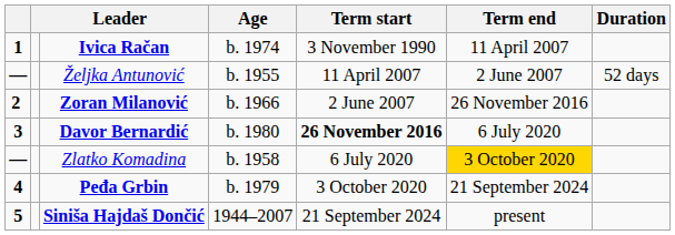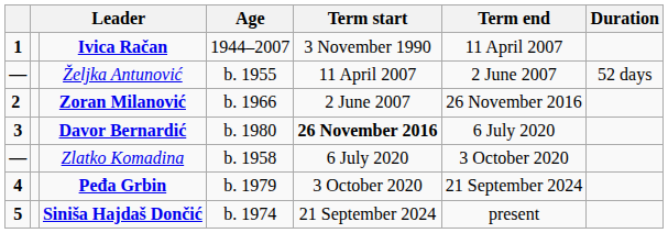 <table class="wikitable"  style="text-align:center;">
 <tr>
 <th></th>
 <th colspan="2">Leader</th>
 <th>Age</th>
 <th>Term start</th>
 <th>Term end</th>
 <th>Duration</th>
 </tr>
 <tr>
 <td style="background:"><strong>1</strong></td>
 <td></td>
 <td><strong><a href='#'>Ivica Račan</a></strong></td>
-<td>b. 1974</td>
+<td>1944–2007</td>
 <td>3 November 1990</td>
 <td>11 April 2007</td>
 <td></td>
 </tr>
 <tr>
 <td style="background:"><strong>—</strong></td>
 <td></td>
 <td><em><a href='#'>Željka Antunović</a></em><br></td>
 <td>b. 1955</td>
 <td>11 April 2007</td>
 <td>2 June 2007</td>
 <td>52 days</td>
 </tr>
 <tr>
 <td style="background:"><strong>2</strong> </td>
 <td></td>
 <td><strong><a href='#'>Zoran Milanović</a></strong></td>
 <td>b. 1966</td>
 <td>2 June 2007</td>
 <td>26 November 2016</td>
 <td></td>
 </tr>
 <tr>
 <td style="background:"><strong>3</strong></td>
 <td></td>
 <td><strong><a href='#'>Davor Bernardić</a></strong></td>
 <td>b. 1980</td>
 <td><strong>26 November 2016</strong></td>
 <td>6 July 2020</td>
 <td></td>
 </tr>
 <tr>
 <td style="background:"><strong>—</strong></td>
 <td></td>
 <td><em><a href='#'>Zlatko Komadina</a></em><br></td>
 <td>b. 1958</td>
 <td>6 July 2020</td>
-<td style="background: gold;">3 October 2020</td>
+<td>3 October 2020</td>
 <td></td>
 </tr>
 <tr>
 <td style="background:"><strong>4</strong></td>
 <td></td>
 <td><strong><a href='#'>Peđa Grbin</a></strong></td>
 <td>b. 1979</td>
 <td>3 October 2020</td>
 <td>21 September 2024</td>
 <td></td>
 </tr>
 <tr>
 <td style="background:"><strong>5</strong></td>
 <td></td>
 <td><strong><a href='#'>Siniša Hajdaš Dončić</a></strong></td>
-<td>1944–2007</td>
+<td>b. 1974</td>
 <td>21 September 2024</td>
 <td>present</td>
 <td></td>
 </tr>
 </table>
